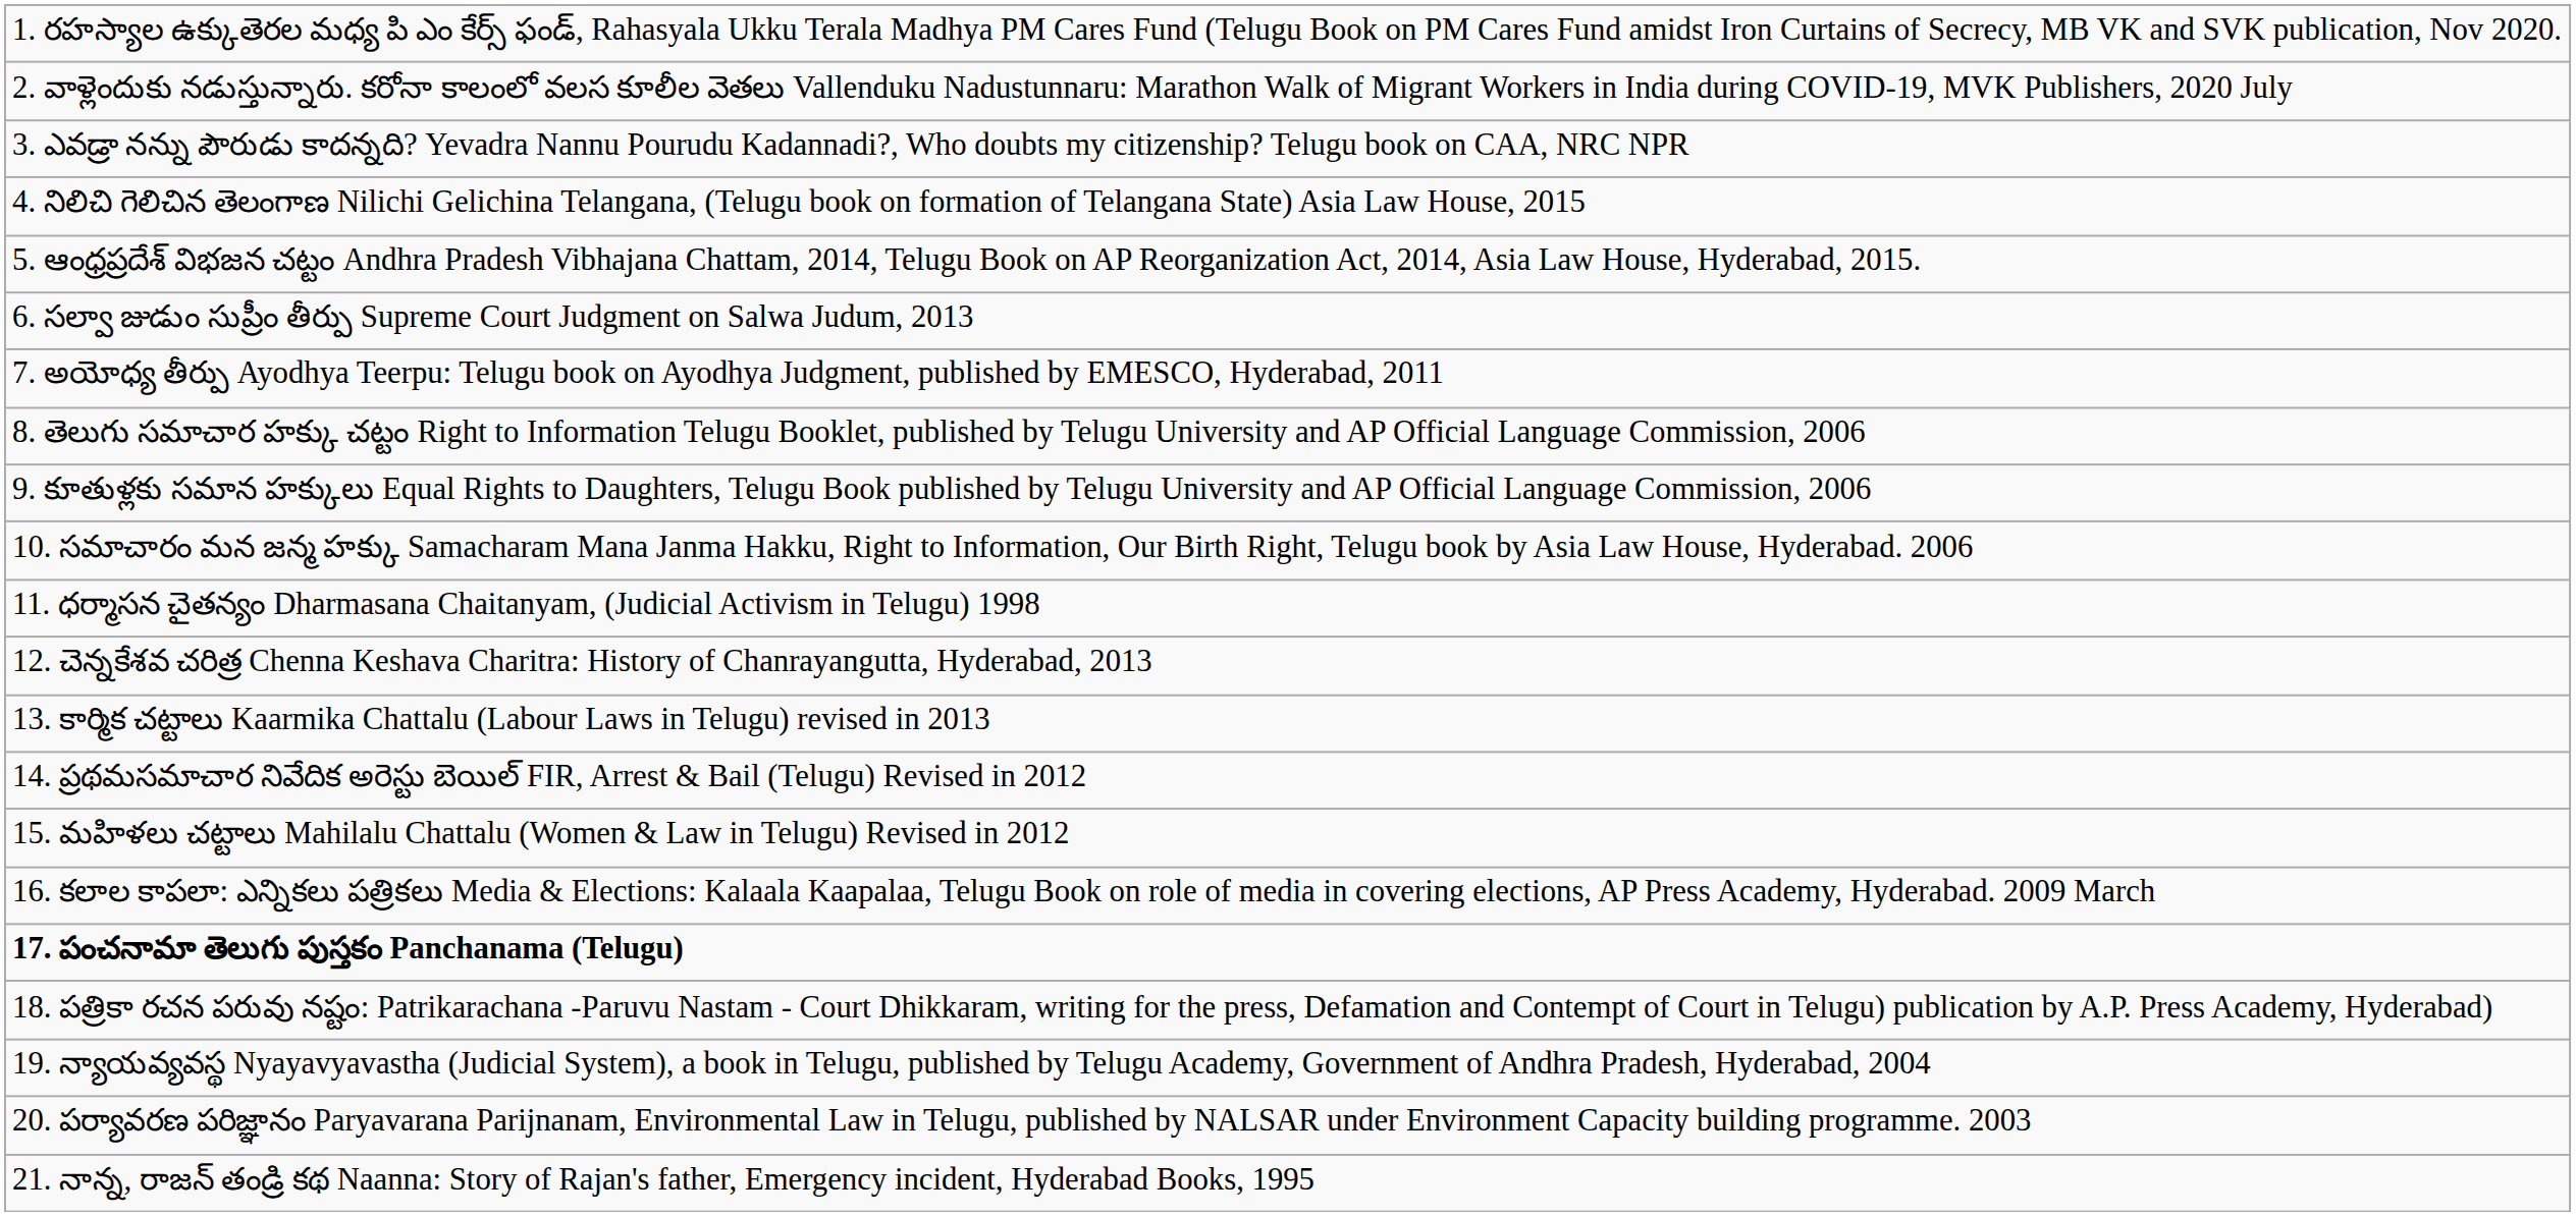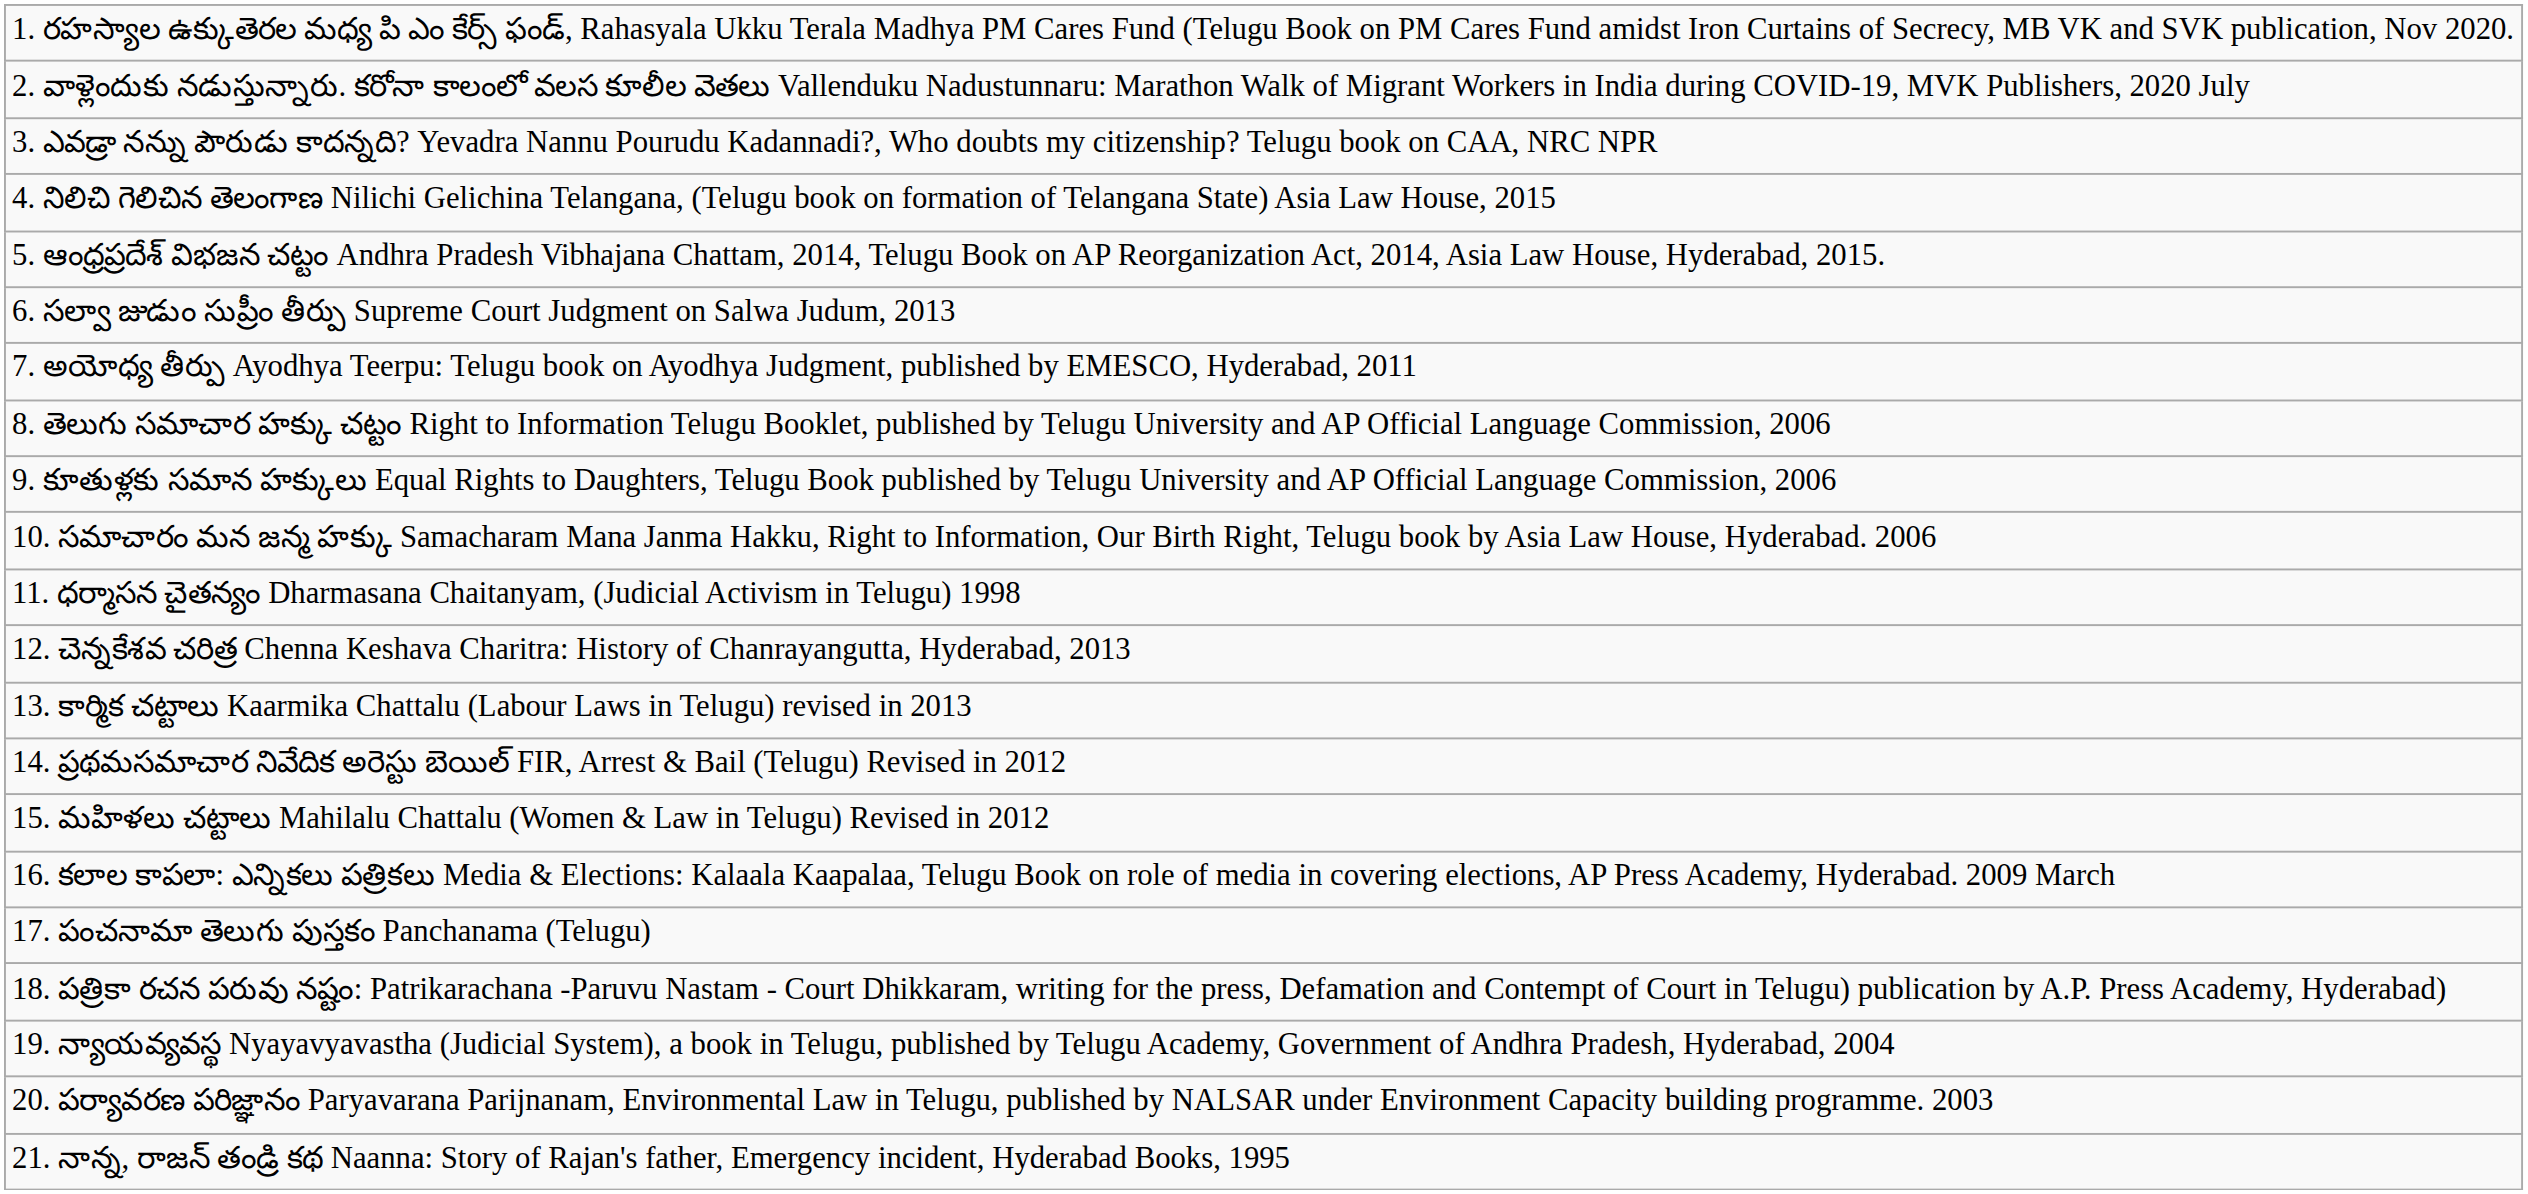 <table class="wikitable">
 <tr>
 <td>1. రహస్యాల ఉక్కుతెరల మధ్య పి ఎం కేర్స్ ఫండ్, Rahasyala Ukku Terala Madhya PM Cares Fund (Telugu Book on PM Cares Fund amidst Iron Curtains of Secrecy, MB VK and SVK publication, Nov 2020.</td>
 </tr>
 <tr>
 <td>2. వాళ్లెందుకు నడుస్తున్నారు. కరోనా కాలంలో వలస కూలీల వెతలు Vallenduku Nadustunnaru: Marathon Walk of Migrant Workers in India during COVID-19, MVK Publishers, 2020 July</td>
 </tr>
 <tr>
 <td>3. ఎవడ్రా నన్ను పౌరుడు కాదన్నది? Yevadra Nannu Pourudu Kadannadi?, Who doubts my citizenship? Telugu book on CAA, NRC NPR</td>
 </tr>
 <tr>
 <td>4. నిలిచి గెలిచిన తెలంగాణ Nilichi Gelichina Telangana, (Telugu book on formation of Telangana State) Asia Law House, 2015</td>
 </tr>
 <tr>
 <td>5. ఆంధ్రప్రదేశ్ విభజన చట్టం Andhra Pradesh Vibhajana Chattam, 2014, Telugu Book on AP Reorganization Act, 2014, Asia Law House, Hyderabad, 2015.</td>
 </tr>
 <tr>
 <td>6. సల్వా జుడుం సుప్రీం తీర్పు Supreme Court Judgment on Salwa Judum, 2013</td>
 </tr>
 <tr>
 <td>7. అయోధ్య తీర్పు Ayodhya Teerpu: Telugu book on Ayodhya Judgment, published by EMESCO, Hyderabad, 2011</td>
 </tr>
 <tr>
 <td>8. తెలుగు సమాచార హక్కు చట్టం Right to Information Telugu Booklet, published by Telugu University and AP Official Language Commission, 2006</td>
 </tr>
 <tr>
 <td>9. కూతుళ్లకు సమాన హక్కులు Equal Rights to Daughters, Telugu Book published by Telugu University and AP Official Language Commission, 2006</td>
 </tr>
 <tr>
 <td>10. సమాచారం మన జన్మ హక్కు Samacharam Mana Janma Hakku, Right to Information, Our Birth Right, Telugu book by Asia Law House, Hyderabad. 2006</td>
 </tr>
 <tr>
 <td>11. ధర్మాసన చైతన్యం Dharmasana Chaitanyam, (Judicial Activism in Telugu) 1998</td>
 </tr>
 <tr>
 <td>12. చెన్నకేశవ చరిత్ర Chenna Keshava Charitra: History of Chanrayangutta, Hyderabad, 2013</td>
 </tr>
 <tr>
 <td>13. కార్మిక చట్టాలు Kaarmika Chattalu (Labour Laws in Telugu) revised in 2013</td>
 </tr>
 <tr>
 <td>14. ప్రథమసమాచార నివేదిక అరెస్టు బెయిల్ FIR, Arrest & Bail (Telugu) Revised in 2012</td>
 </tr>
 <tr>
 <td>15. మహిళలు చట్టాలు Mahilalu Chattalu (Women & Law in Telugu) Revised in 2012</td>
 </tr>
 <tr>
 <td>16. కలాల కాపలా: ఎన్నికలు పత్రికలు Media & Elections: Kalaala Kaapalaa, Telugu Book on role of media in covering elections, AP Press Academy, Hyderabad. 2009 March</td>
 </tr>
 <tr>
-<td><strong>17. పంచనామా తెలుగు పుస్తకం Panchanama (Telugu)</strong></td>
+<td>17. పంచనామా తెలుగు పుస్తకం Panchanama (Telugu)</td>
 </tr>
 <tr>
 <td>18. పత్రికా రచన పరువు నష్టం: Patrikarachana -Paruvu Nastam - Court Dhikkaram, writing for the press, Defamation and Contempt of Court in Telugu) publication by A.P. Press Academy, Hyderabad)</td>
 </tr>
 <tr>
 <td>19. న్యాయవ్యవస్థ Nyayavyavastha (Judicial System), a book in Telugu, published by Telugu Academy, Government of Andhra Pradesh, Hyderabad, 2004</td>
 </tr>
 <tr>
 <td>20. పర్యావరణ పరిజ్ఞానం Paryavarana Parijnanam, Environmental Law in Telugu, published by NALSAR under Environment Capacity building programme. 2003</td>
 </tr>
 <tr>
 <td>21. నాన్న, రాజన్ తండ్రి కథ Naanna: Story of Rajan's father, Emergency incident, Hyderabad Books, 1995</td>
 </tr>
 </table>
